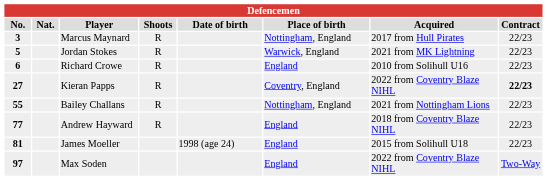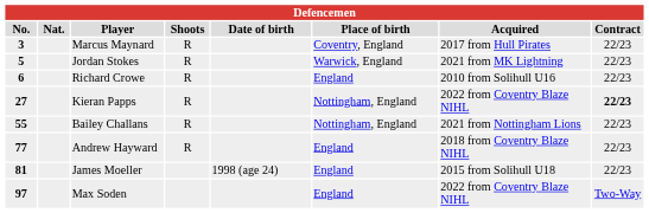 <table class="toccolours"  style="width:97%; clear:both; margin:1.5em auto; text-align:center;">
 <tr style="background:#ddd;">
 <th colspan="11" style="background:#da3832; color:#ffffff;”">Defencemen</th>
 </tr>
 <tr style="background:#ddd;">
 <th width=5%>No.</th>
 <th width=5%>Nat.</th>
 <th !width=22%>Player</th>
 <th width=7%>Shoots</th>
 <th width=16%>Date of birth</th>
 <th width=20%>Place of birth</th>
 <th width=24%>Acquired</th>
 <td><strong>Contract</strong></td>
 </tr>
 <tr style="background:#eee;">
 <td><strong>3</strong></td>
 <td></td>
 <td align=left>Marcus Maynard</td>
 <td>R</td>
 <td align=left></td>
-<td align=left><a href='#'>Nottingham</a>, England</td>
+<td align=left><a href='#'>Coventry</a>, England</td>
 <td align=left>2017 from <a href='#'>Hull Pirates</a></td>
 <td>22/23</td>
 </tr>
 <tr style="background:#eee;">
 <td><strong>5</strong></td>
 <td></td>
 <td align=left>Jordan Stokes</td>
 <td>R</td>
 <td align=left></td>
 <td align=left><a href='#'>Warwick</a>, England</td>
 <td align=left>2021 from <a href='#'>MK Lightning</a></td>
 <td>22/23</td>
 </tr>
 <tr style="background:#eee;">
 <td><strong>6</strong></td>
 <td></td>
 <td align=left>Richard Crowe</td>
 <td>R</td>
 <td align=left></td>
 <td align=left><a href='#'>England</a></td>
 <td align=left>2010 from Solihull U16</td>
 <td>22/23</td>
 </tr>
 <tr style="background:#eee;">
 <td><strong>27</strong></td>
 <td></td>
 <td align=left>Kieran Papps</td>
 <td>R</td>
 <td align=left></td>
-<td align=left><a href='#'>Coventry</a>, England</td>
+<td align=left><a href='#'>Nottingham</a>, England</td>
 <td align=left>2022 from <a href='#'>Coventry Blaze NIHL</a></td>
 <td><strong>22/23</strong></td>
 </tr>
 <tr style="background:#eee;">
 <td><strong>55</strong></td>
 <td></td>
 <td align=left>Bailey Challans</td>
 <td>R</td>
 <td align=left></td>
 <td align=left><a href='#'>Nottingham</a>, England</td>
 <td align=left>2021 from <a href='#'>Nottingham Lions</a></td>
 <td>22/23</td>
 </tr>
 <tr style="background:#eee;">
 <td><strong>77</strong></td>
 <td></td>
 <td align=left>Andrew Hayward</td>
 <td>R</td>
 <td align=left></td>
 <td align=left><a href='#'>England</a></td>
 <td align=left>2018 from <a href='#'>Coventry Blaze NIHL</a></td>
 <td>22/23</td>
 </tr>
 <tr style="background:#eee;">
 <td><strong>81</strong></td>
 <td></td>
 <td align=left>James Moeller</td>
 <td></td>
 <td align=left>1998 (age 24)</td>
 <td align=left><a href='#'>England</a></td>
 <td align=left>2015 from Solihull U18</td>
 <td>22/23</td>
 </tr>
 <tr style="background:#eee;">
 <td><strong>97</strong></td>
 <td></td>
 <td align=left>Max Soden</td>
 <td></td>
 <td align=left></td>
 <td align=left><a href='#'>England</a></td>
 <td align=left>2022 from <a href='#'>Coventry Blaze NIHL</a></td>
 <td><a href='#'>Two-Way</a></td>
 </tr>
 </table>
